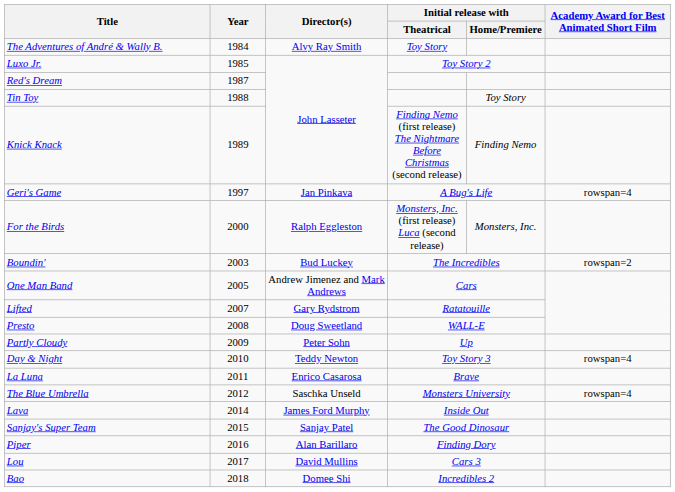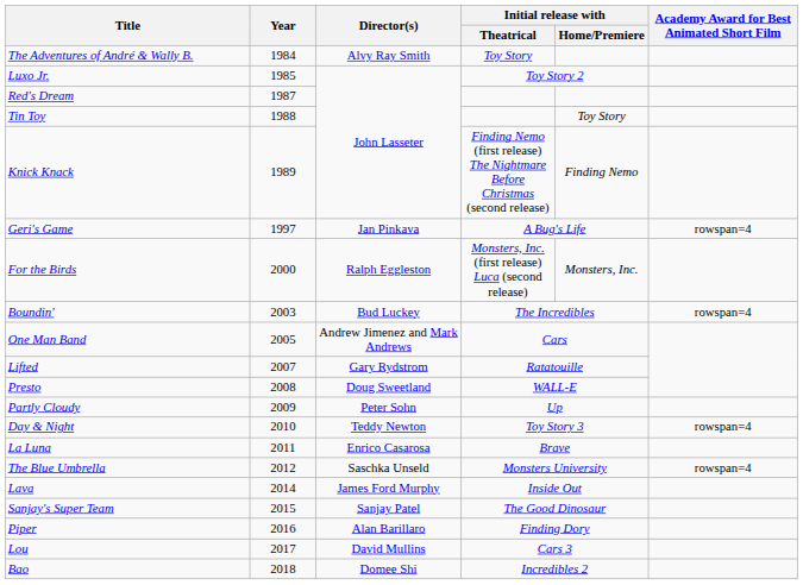 <table class="wikitable sortable mw-collapsible" style="max-width:1000px; text-align: center;">
 <tr>
 <th width="300" rowspan="2">Title</th>
 <th width="75" rowspan="2">Year</th>
 <th width="175" rowspan="2">Director(s)</th>
 <th width="220" colspan="2">Initial release with</th>
 <th width="180" rowspan="2"><a href='#'>Academy Award for Best Animated Short Film</a></th>
 </tr>
 <tr>
 <th width="110">Theatrical</th>
 <th width="110">Home/Premiere</th>
 </tr>
 <tr>
 <td align=left><em><a href='#'>The Adventures of André & Wally B.</a></em></td>
 <td>1984</td>
 <td><a href='#'>Alvy Ray Smith</a></td>
 <td><em><a href='#'>Toy Story</a></em></td>
 <td></td>
 <td></td>
 </tr>
 <tr>
 <td align=left><em><a href='#'>Luxo Jr.</a></em></td>
 <td>1985</td>
 <td rowspan="4"><a href='#'>John Lasseter</a></td>
 <td colspan="2"><em><a href='#'>Toy Story 2</a></em></td>
 <td></td>
 </tr>
 <tr>
 <td align=left><em><a href='#'>Red's Dream</a></em></td>
 <td>1987</td>
 <td></td>
 <td></td>
 <td></td>
 </tr>
 <tr>
 <td align=left><em><a href='#'>Tin Toy</a></em></td>
 <td>1988</td>
 <td></td>
 <td><em>Toy Story</em></td>
 <td></td>
 </tr>
 <tr>
 <td align=left><em><a href='#'>Knick Knack</a></em></td>
 <td>1989</td>
 <td><em><a href='#'>Finding Nemo</a></em> (first release)<br><em><a href='#'>The Nightmare Before Christmas</a></em> (second release)</td>
 <td><em>Finding Nemo</em></td>
 <td></td>
 </tr>
 <tr>
 <td align=left><em><a href='#'>Geri's Game</a></em></td>
 <td>1997</td>
 <td><a href='#'>Jan Pinkava</a></td>
 <td colspan="2"><em><a href='#'>A Bug's Life</a></em></td>
 <td>rowspan=4 </td>
 </tr>
 <tr>
 <td align=left><em><a href='#'>For the Birds</a></em></td>
 <td>2000</td>
 <td><a href='#'>Ralph Eggleston</a></td>
 <td><em><a href='#'>Monsters, Inc.</a></em> (first release)<br><em><a href='#'>Luca</a></em> (second release)</td>
 <td><em>Monsters, Inc.</em></td>
 </tr>
 <tr>
 <td align=left><em><a href='#'>Boundin'</a></em></td>
 <td>2003</td>
 <td><a href='#'>Bud Luckey</a></td>
 <td colspan="2"><em><a href='#'>The Incredibles</a></em></td>
-<td>rowspan=2 </td>
+<td>rowspan=4 </td>
 </tr>
 <tr>
 <td align=left><em><a href='#'>One Man Band</a></em></td>
 <td>2005</td>
 <td>Andrew Jimenez and <a href='#'>Mark Andrews</a></td>
 <td colspan="2"><em><a href='#'>Cars</a></em></td>
 </tr>
 <tr>
 <td align=left><em><a href='#'>Lifted</a></em></td>
 <td>2007</td>
 <td><a href='#'>Gary Rydstrom</a></td>
 <td colspan="2"><em><a href='#'>Ratatouille</a></em></td>
 </tr>
 <tr>
 <td align=left><em><a href='#'>Presto</a></em></td>
 <td>2008</td>
 <td><a href='#'>Doug Sweetland</a></td>
 <td colspan="2"><em><a href='#'>WALL-E</a></em></td>
 </tr>
 <tr>
 <td align=left><em><a href='#'>Partly Cloudy</a></em></td>
 <td>2009</td>
 <td><a href='#'>Peter Sohn</a></td>
 <td colspan="2"><em><a href='#'>Up</a></em></td>
 <td></td>
 </tr>
 <tr>
 <td align=left><em><a href='#'>Day & Night</a></em></td>
 <td>2010</td>
 <td><a href='#'>Teddy Newton</a></td>
 <td colspan="2"><em><a href='#'>Toy Story 3</a></em></td>
 <td>rowspan=4 </td>
 </tr>
 <tr>
 <td align=left><em><a href='#'>La Luna</a></em></td>
 <td>2011</td>
 <td><a href='#'>Enrico Casarosa</a></td>
 <td colspan="2"><em><a href='#'>Brave</a></em></td>
 </tr>
 <tr>
 <td align=left><em><a href='#'>The Blue Umbrella</a></em></td>
 <td>2012</td>
 <td>Saschka Unseld</td>
 <td colspan="2"><em><a href='#'>Monsters University</a></em></td>
 <td>rowspan=4 </td>
 </tr>
 <tr>
 <td align=left><em><a href='#'>Lava</a></em></td>
 <td>2014</td>
 <td><a href='#'>James Ford Murphy</a></td>
 <td colspan="2"><em><a href='#'>Inside Out</a></em></td>
 </tr>
 <tr>
 <td align=left><em><a href='#'>Sanjay's Super Team</a></em></td>
 <td>2015</td>
 <td><a href='#'>Sanjay Patel</a></td>
 <td colspan="2"><em><a href='#'>The Good Dinosaur</a></em></td>
 <td></td>
 </tr>
 <tr>
 <td align=left><em><a href='#'>Piper</a></em></td>
 <td>2016</td>
 <td><a href='#'>Alan Barillaro</a></td>
 <td colspan="2"><em><a href='#'>Finding Dory</a></em></td>
 <td></td>
 </tr>
 <tr>
 <td align=left><em><a href='#'>Lou</a></em></td>
 <td>2017</td>
 <td><a href='#'>David Mullins</a></td>
 <td colspan="2"><em><a href='#'>Cars 3</a></em></td>
 <td></td>
 </tr>
 <tr>
 <td align=left><em><a href='#'>Bao</a></em></td>
 <td>2018</td>
 <td><a href='#'>Domee Shi</a></td>
 <td colspan="2"><em><a href='#'>Incredibles 2</a></em></td>
 <td></td>
 </tr>
 </table>
